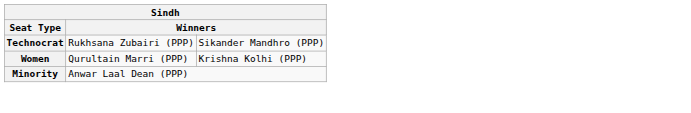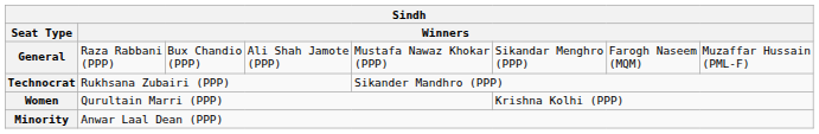 <table class="wikitable">
 <tr>
 <th colspan="8">Sindh</th>
 </tr>
 <tr>
 <th>Seat Type</th>
 <th colspan="7">Winners</th>
+</tr>
+<tr>
+<th>General</th>
+<td style="background:">Raza Rabbani<br>(PPP)</td>
+<td style="background:">Bux Chandio<br>(PPP)</td>
+<td style="background:">Ali Shah Jamote<br>(PPP)</td>
+<td style="background:">Mustafa Nawaz Khokar<br>(PPP)</td>
+<td style="background:">Sikandar Menghro<br>(PPP)</td>
+<td style="background:">Farogh Naseem<br>(MQM)</td>
+<td style="background:">Muzaffar Hussain<br>(PML-F)</td>
 </tr>
 <tr>
 <th>Technocrat</th>
 <td colspan="3" style="background:">Rukhsana Zubairi (PPP)</td>
 <td colspan="4" style="background:">Sikander Mandhro (PPP)</td>
 </tr>
 <tr>
 <th>Women</th>
 <td colspan="4" style="background:">Qurultain Marri (PPP)</td>
 <td colspan="3" style="background:">Krishna Kolhi (PPP)</td>
 </tr>
 <tr>
 <th>Minority</th>
 <td colspan="7" style="background:">Anwar Laal Dean (PPP)</td>
 </tr>
 </table>
